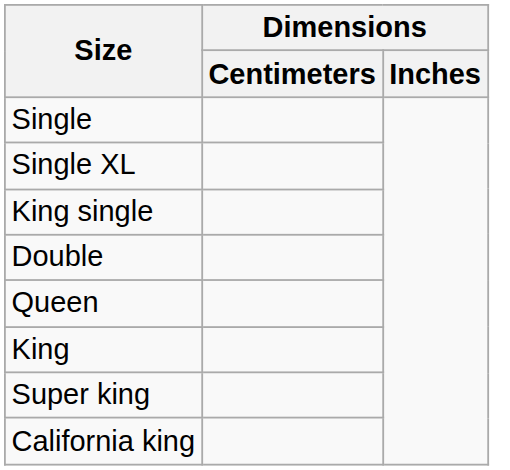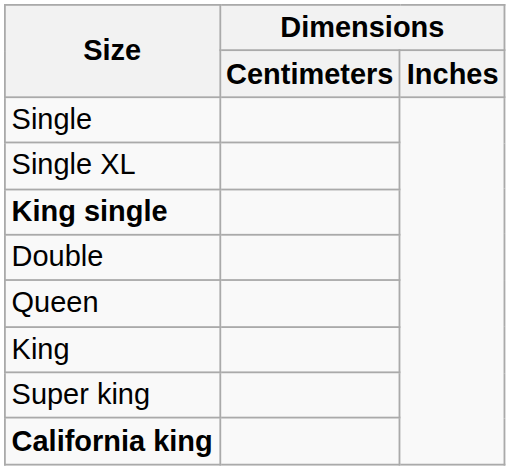 <table class="wikitable">
 <tr>
 <th rowspan="2" scope="col">Size</th>
 <th colspan="2" scope="col">Dimensions</th>
 </tr>
 <tr>
 <th>Centimeters</th>
 <th>Inches</th>
 </tr>
 <tr>
 <td>Single</td>
 <td></td>
 </tr>
 <tr>
 <td>Single XL</td>
 <td></td>
 </tr>
 <tr>
-<td>King single</td>
+<td><strong>King single</strong></td>
 <td></td>
 </tr>
 <tr>
 <td>Double</td>
 <td></td>
 </tr>
 <tr>
 <td>Queen</td>
 <td></td>
 </tr>
 <tr>
 <td>King</td>
 <td></td>
 </tr>
 <tr>
 <td>Super king</td>
 <td></td>
 </tr>
 <tr>
-<td>California king</td>
+<td><strong>California king</strong></td>
 <td></td>
 </tr>
 </table>
